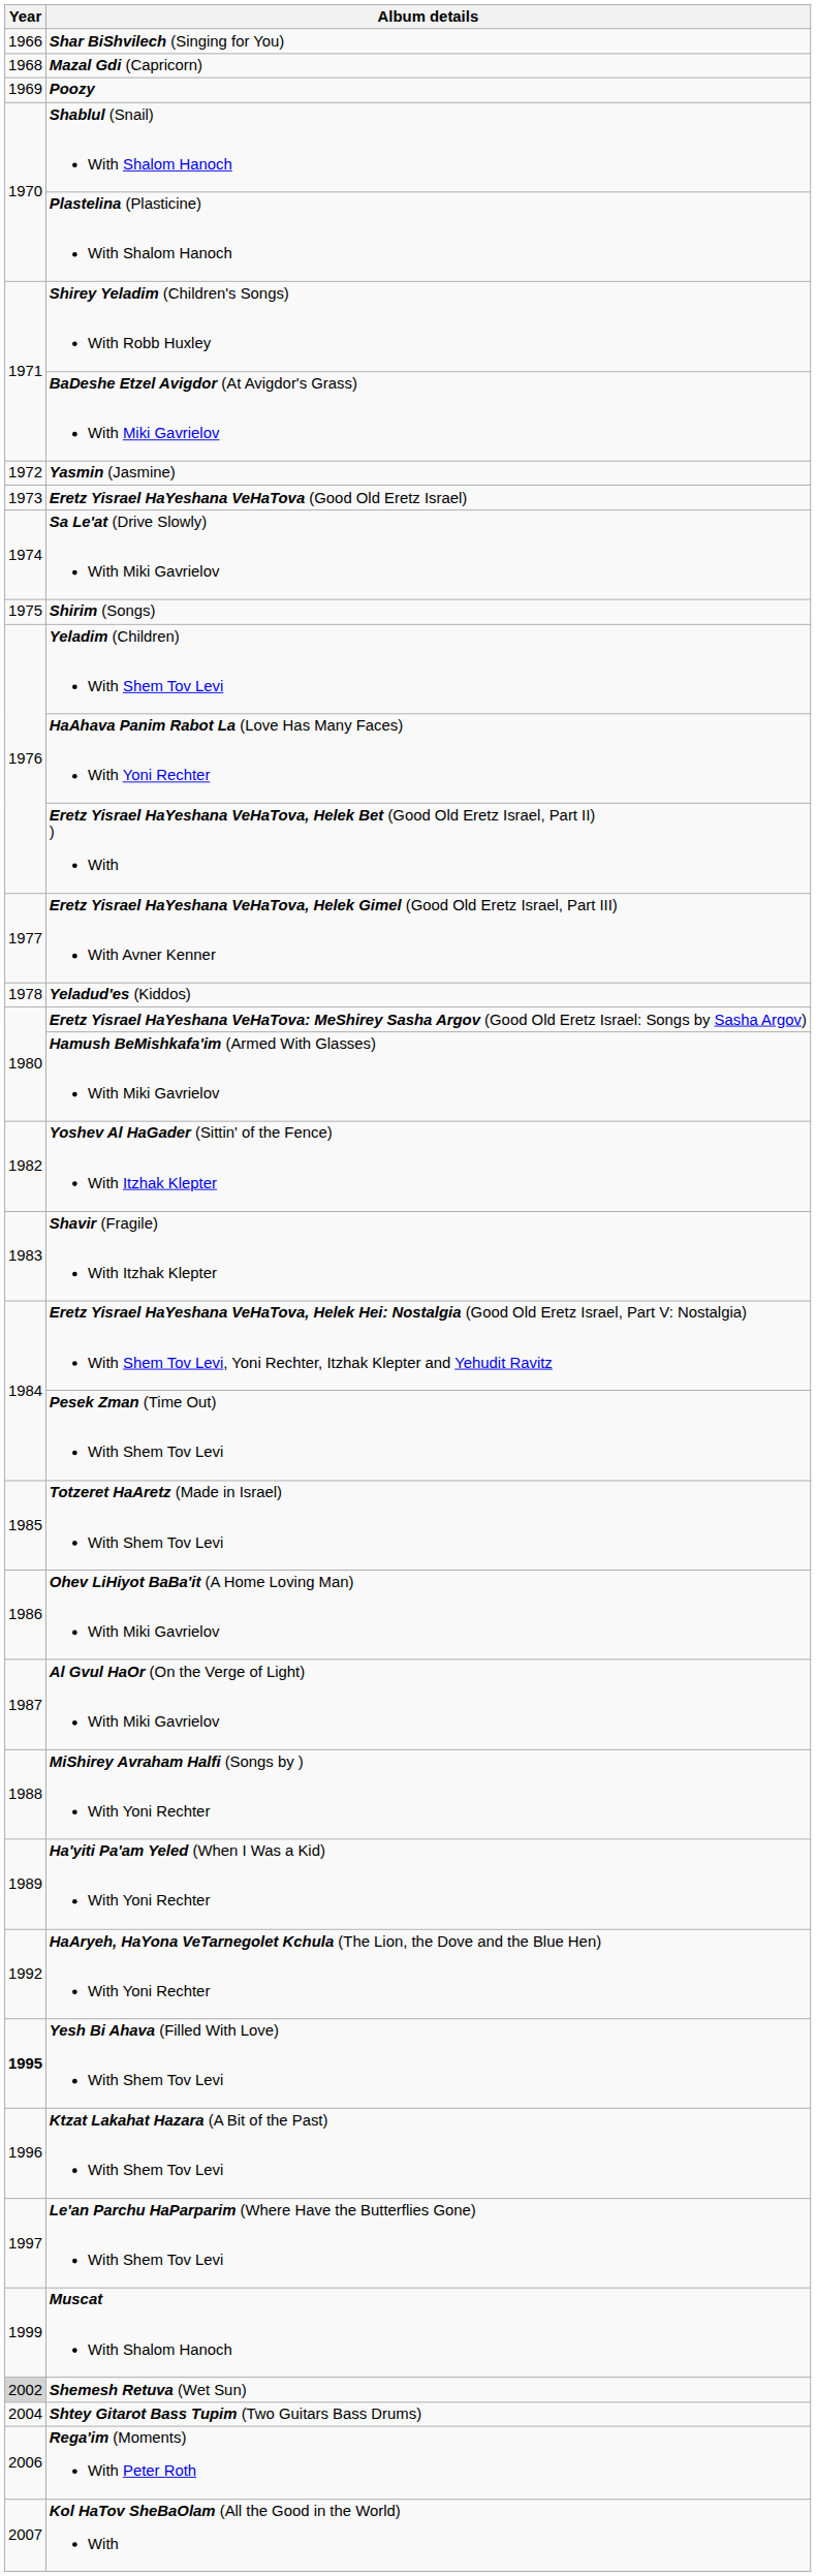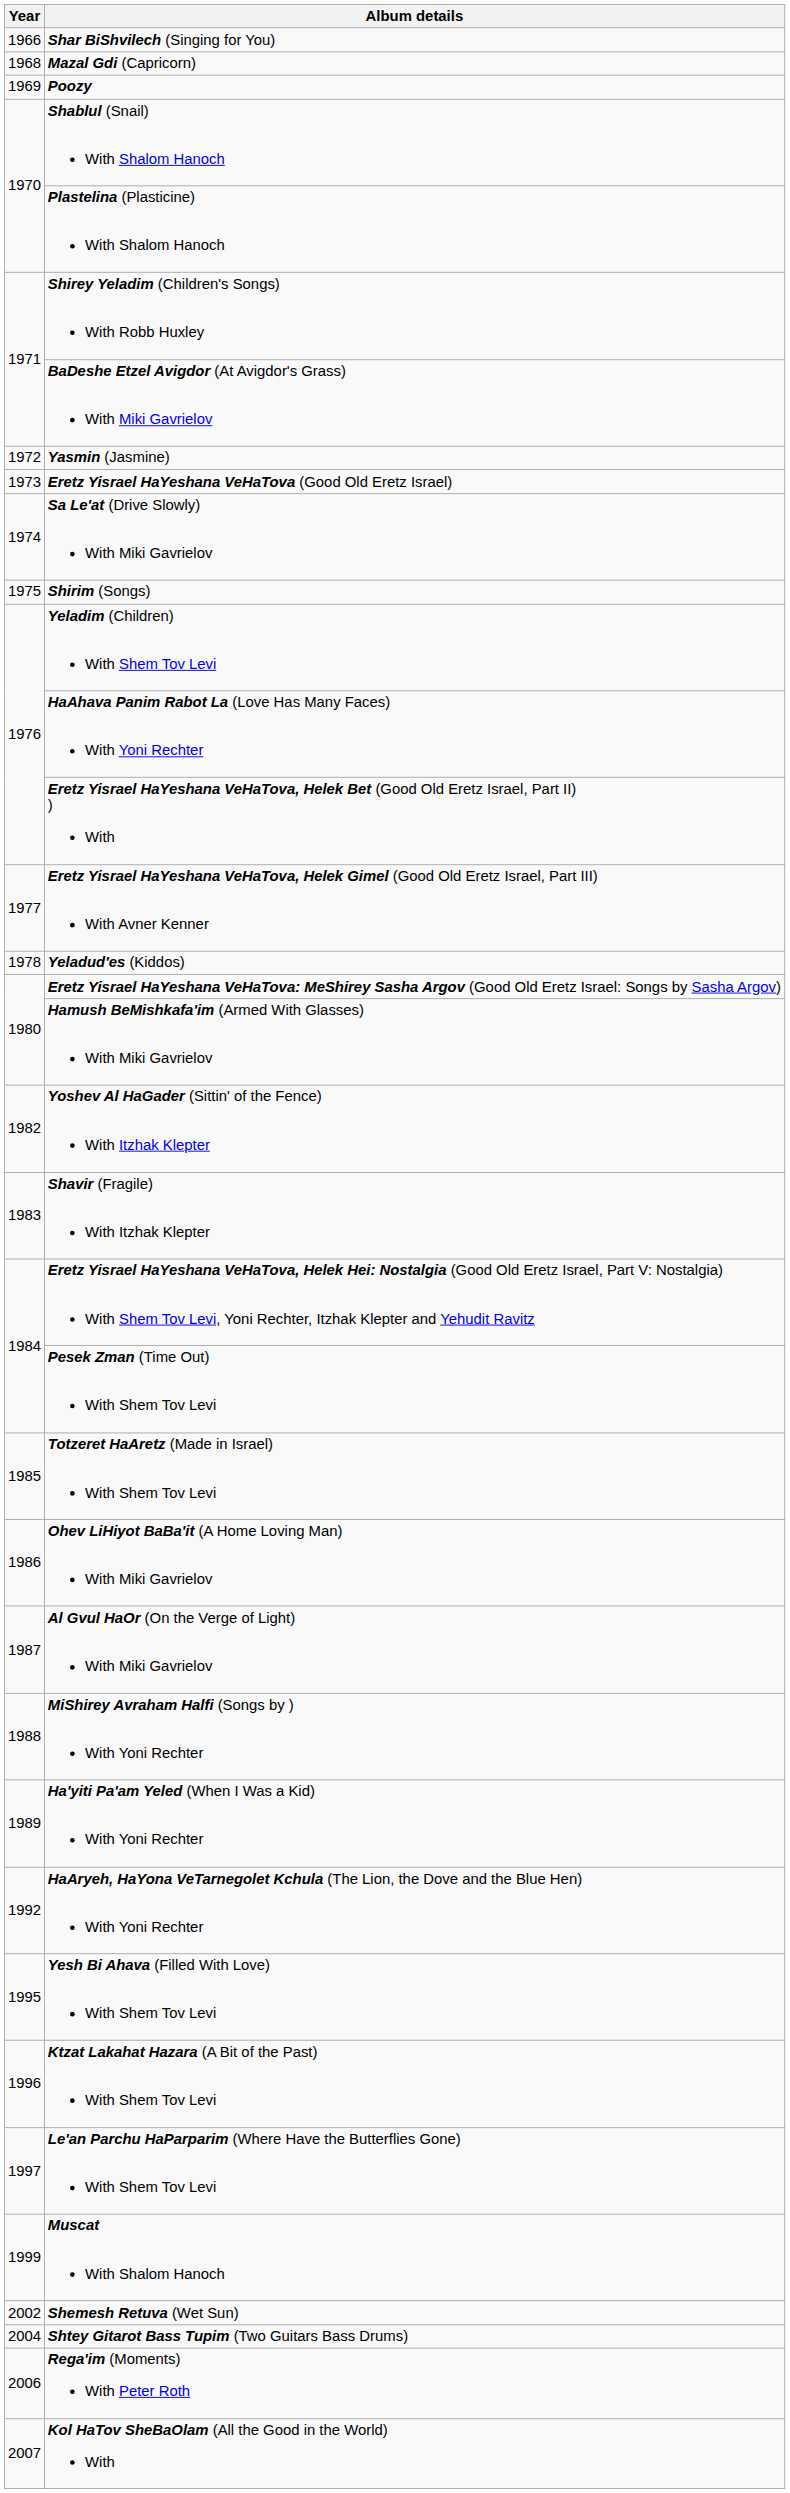 <table class="wikitable"|width=100%>
 <tr>
 <th>Year</th>
 <th>Album details</th>
 </tr>
 <tr>
 <td>1966</td>
 <td><strong><em>Shar BiShvilech</em></strong> (Singing for You)<br></td>
 </tr>
 <tr>
 <td>1968</td>
 <td><strong><em>Mazal Gdi</em></strong> (Capricorn)<br></td>
 </tr>
 <tr>
 <td>1969</td>
 <td><strong><em>Poozy</em></strong><br></td>
 </tr>
 <tr>
 <td rowspan=2>1970</td>
 <td><strong><em>Shablul</em></strong> (Snail)<br><br><ul><li>With <a href='#'>Shalom Hanoch</a></li></ul></td>
 </tr>
 <tr>
 <td><strong><em>Plastelina</em></strong> (Plasticine)<br><br><ul><li>With Shalom Hanoch</li></ul></td>
 </tr>
 <tr>
 <td rowspan=2>1971</td>
 <td><strong><em>Shirey Yeladim</em></strong> (Children's Songs)<br><br><ul><li>With Robb Huxley</li></ul></td>
 </tr>
 <tr>
 <td><strong><em>BaDeshe Etzel Avigdor</em></strong> (At Avigdor's Grass)<br><br><ul><li>With <a href='#'>Miki Gavrielov</a></li></ul></td>
 </tr>
 <tr>
 <td>1972</td>
 <td><strong><em>Yasmin</em></strong> (Jasmine)<br></td>
 </tr>
 <tr>
 <td>1973</td>
 <td><strong><em>Eretz Yisrael HaYeshana VeHaTova</em></strong> (Good Old Eretz Israel)<br></td>
 </tr>
 <tr>
 <td>1974</td>
 <td><strong><em>Sa Le'at</em></strong> (Drive Slowly)<br><br><ul><li>With Miki Gavrielov</li></ul></td>
 </tr>
 <tr>
 <td>1975</td>
 <td><strong><em>Shirim</em></strong> (Songs)<br></td>
 </tr>
 <tr>
 <td rowspan=3>1976</td>
 <td><strong><em>Yeladim</em></strong> (Children)<br><br><ul><li>With <a href='#'>Shem Tov Levi</a></li></ul></td>
 </tr>
 <tr>
 <td><strong><em>HaAhava Panim Rabot La</em></strong> (Love Has Many Faces)<br><br><ul><li>With <a href='#'>Yoni Rechter</a></li></ul></td>
 </tr>
 <tr>
 <td><strong><em>Eretz Yisrael HaYeshana VeHaTova, Helek Bet</em></strong> (Good Old Eretz Israel, Part II)<br> )<br><ul><li>With </li></ul></td>
 </tr>
 <tr>
 <td>1977</td>
 <td><strong><em>Eretz Yisrael HaYeshana VeHaTova, Helek Gimel</em></strong> (Good Old Eretz Israel, Part III)<br> <br><ul><li>With Avner Kenner</li></ul></td>
 </tr>
 <tr>
 <td>1978</td>
 <td><strong><em>Yeladud'es</em></strong> (Kiddos)<br></td>
 </tr>
 <tr>
 <td rowspan=2>1980</td>
 <td><strong><em>Eretz Yisrael HaYeshana VeHaTova: MeShirey Sasha Argov</em></strong> (Good Old Eretz Israel: Songs by <a href='#'>Sasha Argov</a>)<br></td>
 </tr>
 <tr>
 <td><strong><em>Hamush BeMishkafa'im</em></strong> (Armed With Glasses)<br><br><ul><li>With Miki Gavrielov</li></ul></td>
 </tr>
 <tr>
 <td>1982</td>
 <td><strong><em>Yoshev Al HaGader</em></strong> (Sittin' of the Fence)<br><br><ul><li>With <a href='#'>Itzhak Klepter</a></li></ul></td>
 </tr>
 <tr>
 <td>1983</td>
 <td><strong><em>Shavir</em></strong> (Fragile)<br><br><ul><li>With Itzhak Klepter</li></ul></td>
 </tr>
 <tr>
 <td rowspan=2>1984</td>
 <td><strong><em>Eretz Yisrael HaYeshana VeHaTova, Helek Hei: Nostalgia</em></strong> (Good Old Eretz Israel, Part V: Nostalgia)<br><br><ul><li>With <a href='#'>Shem Tov Levi</a>, Yoni Rechter, Itzhak Klepter and <a href='#'>Yehudit Ravitz</a></li></ul></td>
 </tr>
 <tr>
 <td><strong><em>Pesek Zman</em></strong> (Time Out)<br><br><ul><li>With Shem Tov Levi</li></ul></td>
 </tr>
 <tr>
 <td>1985</td>
 <td><strong><em>Totzeret HaAretz</em></strong> (Made in Israel)<br><br><ul><li>With Shem Tov Levi</li></ul></td>
 </tr>
 <tr>
 <td>1986</td>
 <td><strong><em>Ohev LiHiyot BaBa'it</em></strong> (A Home Loving Man)<br><br><ul><li>With Miki Gavrielov</li></ul></td>
 </tr>
 <tr>
 <td>1987</td>
 <td><strong><em>Al Gvul HaOr</em></strong> (On the Verge of Light)<br><br><ul><li>With Miki Gavrielov</li></ul></td>
 </tr>
 <tr>
 <td>1988</td>
 <td><strong><em>MiShirey Avraham Halfi</em></strong> (Songs by )<br><br><ul><li>With Yoni Rechter</li></ul></td>
 </tr>
 <tr>
 <td>1989</td>
 <td><strong><em>Ha'yiti Pa'am Yeled</em></strong> (When I Was a Kid)<br><br><ul><li>With Yoni Rechter</li></ul></td>
 </tr>
 <tr>
 <td>1992</td>
 <td><strong><em>HaAryeh, HaYona VeTarnegolet Kchula</em></strong> (The Lion, the Dove and the Blue Hen)<br><br><ul><li>With Yoni Rechter</li></ul></td>
 </tr>
 <tr>
-<td><strong>1995</strong></td>
+<td>1995</td>
 <td><strong><em>Yesh Bi Ahava</em></strong> (Filled With Love)<br><br><ul><li>With Shem Tov Levi</li></ul></td>
 </tr>
 <tr>
 <td>1996</td>
 <td><strong><em>Ktzat Lakahat Hazara</em></strong> (A Bit of the Past)<br><br><ul><li>With Shem Tov Levi</li></ul></td>
 </tr>
 <tr>
 <td>1997</td>
 <td><strong><em>Le'an Parchu HaParparim</em></strong> (Where Have the Butterflies Gone)<br><br><ul><li>With Shem Tov Levi</li></ul></td>
 </tr>
 <tr>
 <td>1999</td>
 <td><strong><em>Muscat</em></strong><br><br><ul><li>With Shalom Hanoch</li></ul></td>
 </tr>
 <tr>
-<td style="background: lightgrey;">2002</td>
+<td>2002</td>
 <td><strong><em>Shemesh Retuva</em></strong> (Wet Sun)<br></td>
 </tr>
 <tr>
 <td>2004</td>
 <td><strong><em>Shtey Gitarot Bass Tupim</em></strong> (Two Guitars Bass Drums)<br></td>
 </tr>
 <tr>
 <td>2006</td>
 <td><strong><em>Rega'im</em></strong> (Moments) <br><ul><li>With <a href='#'>Peter Roth</a></li></ul></td>
 </tr>
 <tr>
 <td>2007</td>
 <td><strong><em>Kol HaTov SheBaOlam</em></strong> (All the Good in the World) <br><ul><li>With </li></ul></td>
 </tr>
 </table>
